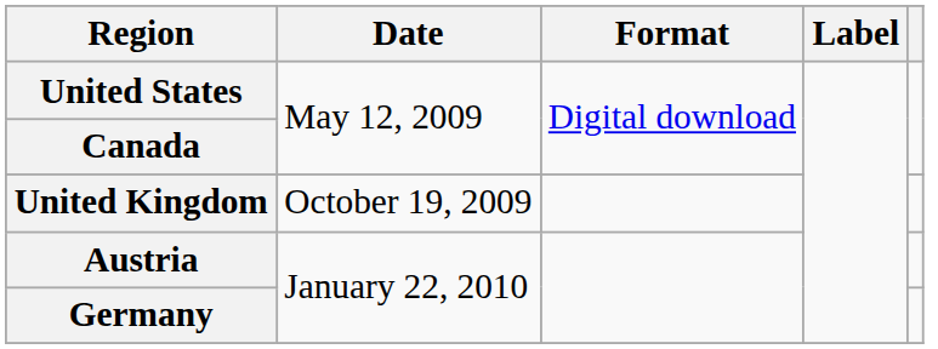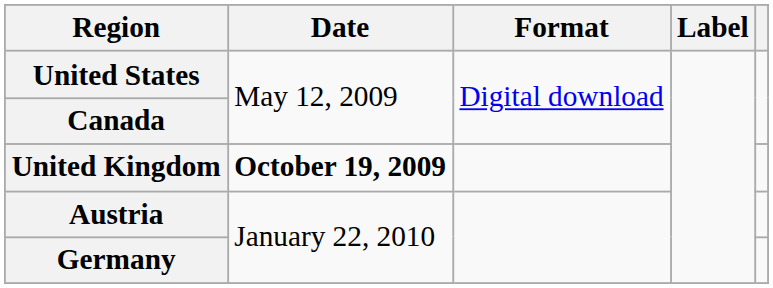 <table class="wikitable plainrowheaders">
 <tr>
 <th scope="col">Region</th>
 <th scope="col">Date</th>
 <th scope="col">Format</th>
 <th scope="col">Label</th>
 <th scope="col"></th>
 </tr>
 <tr>
 <th scope="row">United States</th>
 <td rowspan="2">May 12, 2009</td>
 <td rowspan="2"><a href='#'>Digital download</a></td>
 <td rowspan="5"></td>
 <td align="center" rowspan="2"></td>
 </tr>
 <tr>
 <th scope="row">Canada</th>
 </tr>
 <tr>
 <th scope="row">United Kingdom</th>
-<td>October 19, 2009</td>
+<td><strong>October 19, 2009</strong></td>
 <td></td>
 <td align="center"></td>
 </tr>
 <tr>
 <th scope="row">Austria</th>
 <td rowspan="2">January 22, 2010</td>
 <td rowspan="2"></td>
 <td align="center"></td>
 </tr>
 <tr>
 <th scope="row">Germany</th>
 <td align="center"></td>
 </tr>
 </table>
